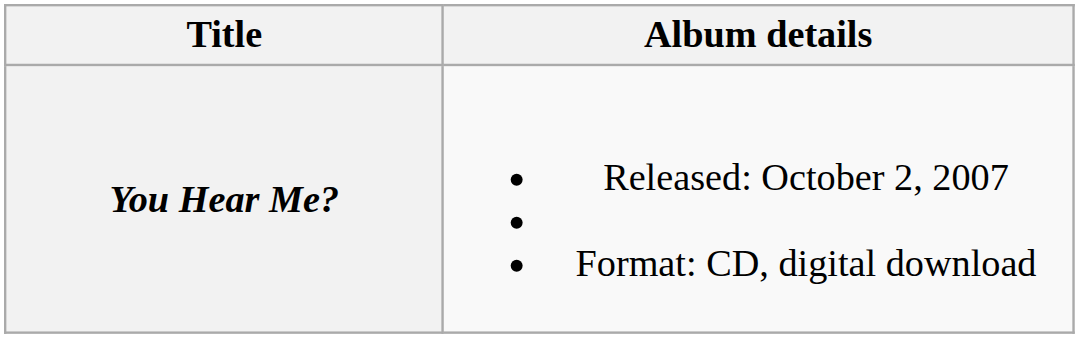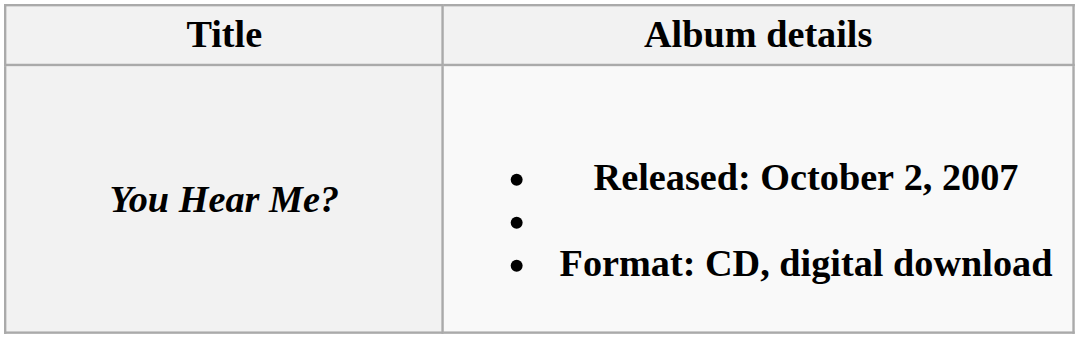 <table class="wikitable plainrowheaders" style="text-align:center;">
 <tr>
 <th scope="col" style="width:11em;">Title</th>
 <th scope="col" style="width:16em;">Album details</th>
 </tr>
 <tr>
 <th scope="row"><em>You Hear Me?</em></th>
-<td><br><ul><li>Released: October 2, 2007</li><li></li><li>Format: CD, digital download</li></ul></td>
+<td><strong><br><ul><li>Released: October 2, 2007</li><li></li><li>Format: CD, digital download</li></ul></strong></td>
 </tr>
 </table>
